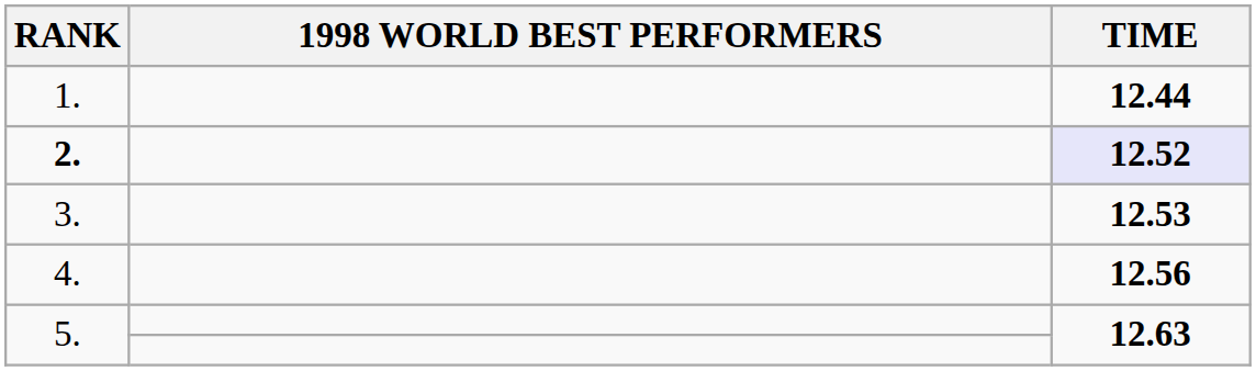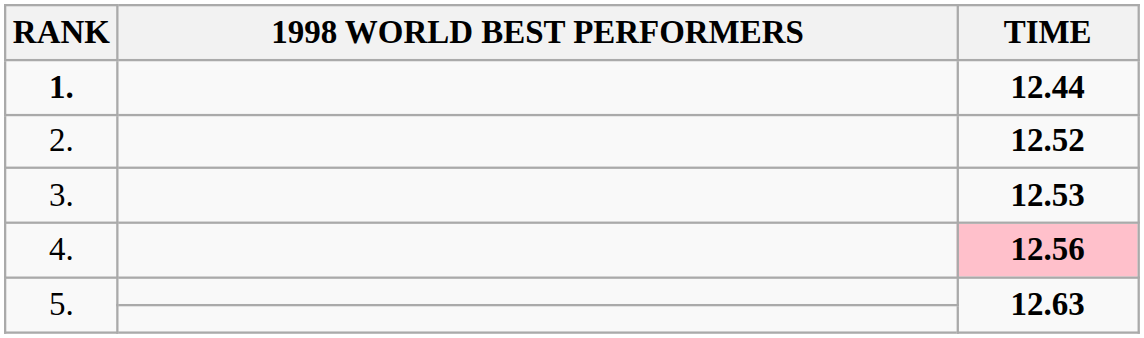 <table class="wikitable" style="border-collapse: collapse; font-size: 90%;">
 <tr>
 <th>RANK</th>
 <th align="center" style="width: 25em">1998 WORLD BEST PERFORMERS</th>
 <th align="center" style="width: 5em">TIME</th>
 </tr>
 <tr>
-<td align="center">1.</td>
+<td align="center"><strong>1.</strong></td>
 <td></td>
 <td align="center"><strong>12.44</strong></td>
 </tr>
 <tr>
-<td align="center"><strong>2.</strong></td>
+<td align="center">2.</td>
 <td></td>
-<td align="center" style="background: lavender;"><strong>12.52</strong></td>
+<td align="center"><strong>12.52</strong></td>
 </tr>
 <tr>
 <td align="center">3.</td>
 <td></td>
 <td align="center"><strong>12.53</strong></td>
 </tr>
 <tr>
 <td align="center">4.</td>
 <td></td>
-<td align="center"><strong>12.56</strong></td>
+<td align="center" style="background: pink;"><strong>12.56</strong></td>
 </tr>
 <tr>
 <td rowspan=2 align="center">5.</td>
 <td></td>
 <td rowspan=2 align="center"><strong>12.63</strong></td>
 </tr>
 <tr>
 <td></td>
 </tr>
 </table>
